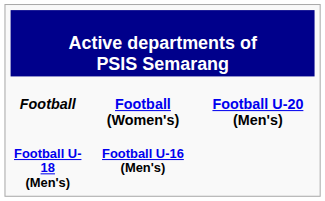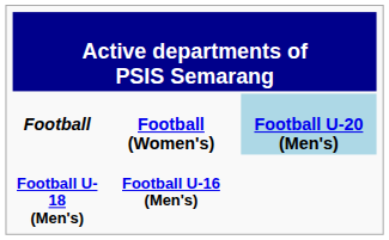 <table class="infobox" style="font-size: 88%; width: 22em; text-align: center">
 <tr>
 <th colspan=3 style="font-size: 125%; background-color:#00008b; color:white; text-align:center;"><br>Active departments of<br>PSIS Semarang</th>
 </tr>
 <tr style="text-align: center">
 <td><br><strong><em>Football</em></strong></td>
 <td><br><strong><a href='#'>Football</a> (Women's)</strong></td>
-<td><br><strong><a href='#'>Football U-20</a> (Men's)</strong></td>
+<td style="background: lightblue;"><br><strong><a href='#'>Football U-20</a> (Men's)</strong></td>
 </tr>
 <tr style="font-size: 90%; text-align: center">
 <td><br><strong><a href='#'>Football U-18</a><br> (Men's)</strong></td>
 <td><br><strong><a href='#'>Football U-16</a><br> (Men's)</strong></td>
 </tr>
 </table>
